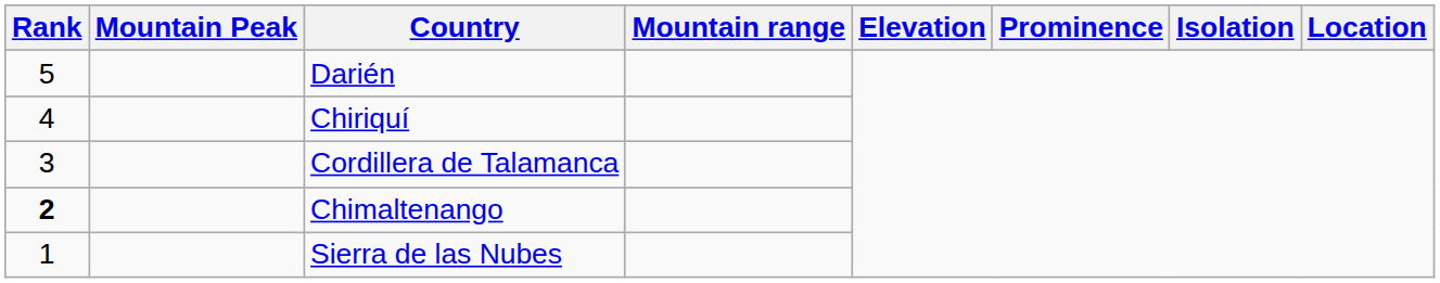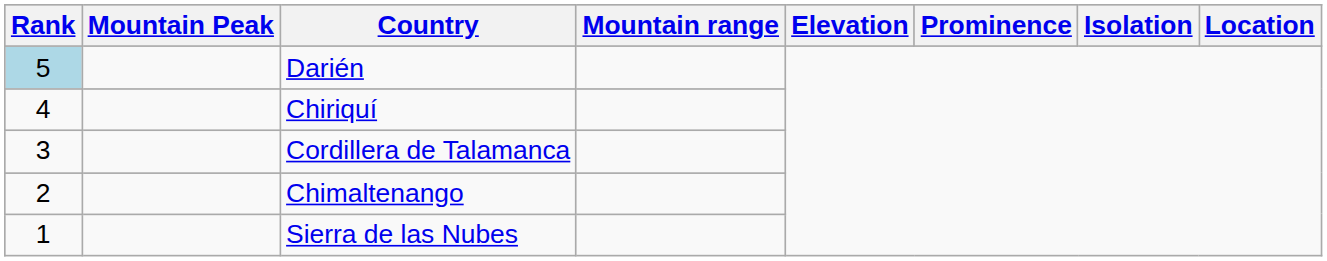 <table class="wikitable sortable">
 <tr>
 <th><a href='#'>Rank</a></th>
 <th><a href='#'>Mountain Peak</a></th>
 <th><a href='#'>Country</a></th>
 <th><a href='#'>Mountain range</a></th>
 <th><a href='#'>Elevation</a></th>
 <th><a href='#'>Prominence</a></th>
 <th><a href='#'>Isolation</a></th>
 <th><a href='#'>Location</a></th>
 </tr>
 <tr>
-<td align=center>5<br></td>
+<td align=center style="background: lightblue;">5<br></td>
 <td></td>
 <td><a href='#'>Darién</a><br></td>
 <td></td>
 </tr>
 <tr>
 <td align=center>4<br></td>
 <td></td>
 <td><a href='#'>Chiriquí</a><br></td>
 <td></td>
 </tr>
 <tr>
 <td align=center>3<br></td>
 <td></td>
 <td><a href='#'>Cordillera de Talamanca</a><br></td>
 <td></td>
 </tr>
 <tr>
-<td align=center><strong>2<br></strong></td>
+<td align=center>2<br></td>
 <td></td>
 <td><a href='#'>Chimaltenango</a><br></td>
 <td></td>
 </tr>
 <tr>
 <td align=center>1<br></td>
 <td></td>
 <td><a href='#'>Sierra de las Nubes</a><br></td>
 <td></td>
 </tr>
 </table>
